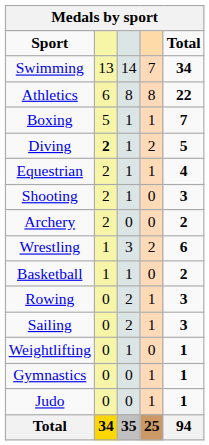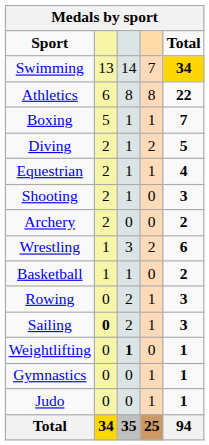 <table class=wikitable style="font-size:85%; float:right;text-align:center">
 <tr bgcolor=EFEFEF>
 <th colspan=7>Medals by sport</th>
 </tr>
 <tr>
 <td><strong>Sport</strong></td>
 <td bgcolor=F7F6A8></td>
 <td bgcolor=DCE5E5></td>
 <td bgcolor=FFDBA9></td>
 <td><strong>Total</strong></td>
 </tr>
 <tr>
 <td><a href='#'>Swimming</a></td>
 <td bgcolor=F7F6A8>13</td>
 <td bgcolor=DCE5E5>14</td>
 <td bgcolor=FFDAB9>7</td>
-<td><strong>34</strong></td>
+<td style="background: gold;"><strong>34</strong></td>
 </tr>
 <tr>
 <td><a href='#'>Athletics</a></td>
 <td bgcolor=F7F6A8>6</td>
 <td bgcolor=DCE5E5>8</td>
 <td bgcolor=FFDAB9>8</td>
 <td><strong>22</strong></td>
 </tr>
 <tr>
 <td><a href='#'>Boxing</a></td>
 <td bgcolor=F7F6A8>5</td>
 <td bgcolor=DCE5E5>1</td>
 <td bgcolor=FFDAB9>1</td>
 <td><strong>7</strong></td>
 </tr>
 <tr>
 <td><a href='#'>Diving</a></td>
-<td bgcolor=F7F6A8><strong>2</strong></td>
+<td bgcolor=F7F6A8>2</td>
 <td bgcolor=DCE5E5>1</td>
 <td bgcolor=FFDAB9>2</td>
 <td><strong>5</strong></td>
 </tr>
 <tr>
 <td><a href='#'>Equestrian</a></td>
 <td bgcolor=F7F6A8>2</td>
 <td bgcolor=DCE5E5>1</td>
 <td bgcolor=FFDAB9>1</td>
 <td><strong>4</strong></td>
 </tr>
 <tr>
 <td><a href='#'>Shooting</a></td>
 <td bgcolor=F7F6A8>2</td>
 <td bgcolor=DCE5E5>1</td>
 <td bgcolor=FFDAB9>0</td>
 <td><strong>3</strong></td>
 </tr>
 <tr>
 <td><a href='#'>Archery</a></td>
 <td bgcolor=F7F6A8>2</td>
 <td bgcolor=DCE5E5>0</td>
 <td bgcolor=FFDAB9>0</td>
 <td><strong>2</strong></td>
 </tr>
 <tr>
 <td><a href='#'>Wrestling</a></td>
 <td bgcolor=F7F6A8>1</td>
 <td bgcolor=DCE5E5>3</td>
 <td bgcolor=FFDAB9>2</td>
 <td><strong>6</strong></td>
 </tr>
 <tr>
 <td><a href='#'>Basketball</a></td>
 <td bgcolor=F7F6A8>1</td>
 <td bgcolor=DCE5E5>1</td>
 <td bgcolor=FFDAB9>0</td>
 <td><strong>2</strong></td>
 </tr>
 <tr>
 <td><a href='#'>Rowing</a></td>
 <td bgcolor=F7F6A8>0</td>
 <td bgcolor=DCE5E5>2</td>
 <td bgcolor=FFDAB9>1</td>
 <td><strong>3</strong></td>
 </tr>
 <tr>
 <td><a href='#'>Sailing</a></td>
-<td bgcolor=F7F6A8>0</td>
+<td bgcolor=F7F6A8><strong>0</strong></td>
 <td bgcolor=DCE5E5>2</td>
 <td bgcolor=FFDAB9>1</td>
 <td><strong>3</strong></td>
 </tr>
 <tr>
 <td><a href='#'>Weightlifting</a></td>
 <td bgcolor=F7F6A8>0</td>
-<td bgcolor=DCE5E5>1</td>
+<td bgcolor=DCE5E5><strong>1</strong></td>
 <td bgcolor=FFDAB9>0</td>
 <td><strong>1</strong></td>
 </tr>
 <tr>
 <td><a href='#'>Gymnastics</a></td>
 <td bgcolor=F7F6A8>0</td>
 <td bgcolor=DCE5E5>0</td>
 <td bgcolor=FFDAB9>1</td>
 <td><strong>1</strong></td>
 </tr>
 <tr>
 <td><a href='#'>Judo</a></td>
 <td bgcolor=F7F6A8>0</td>
 <td bgcolor=DCE5E5>0</td>
 <td bgcolor=FFDAB9>1</td>
 <td><strong>1</strong></td>
 </tr>
 <tr>
 <th>Total</th>
 <th style=background:gold>34</th>
 <th style=background:silver>35</th>
 <th style=background:#C96>25</th>
 <th>94</th>
 </tr>
 </table>
